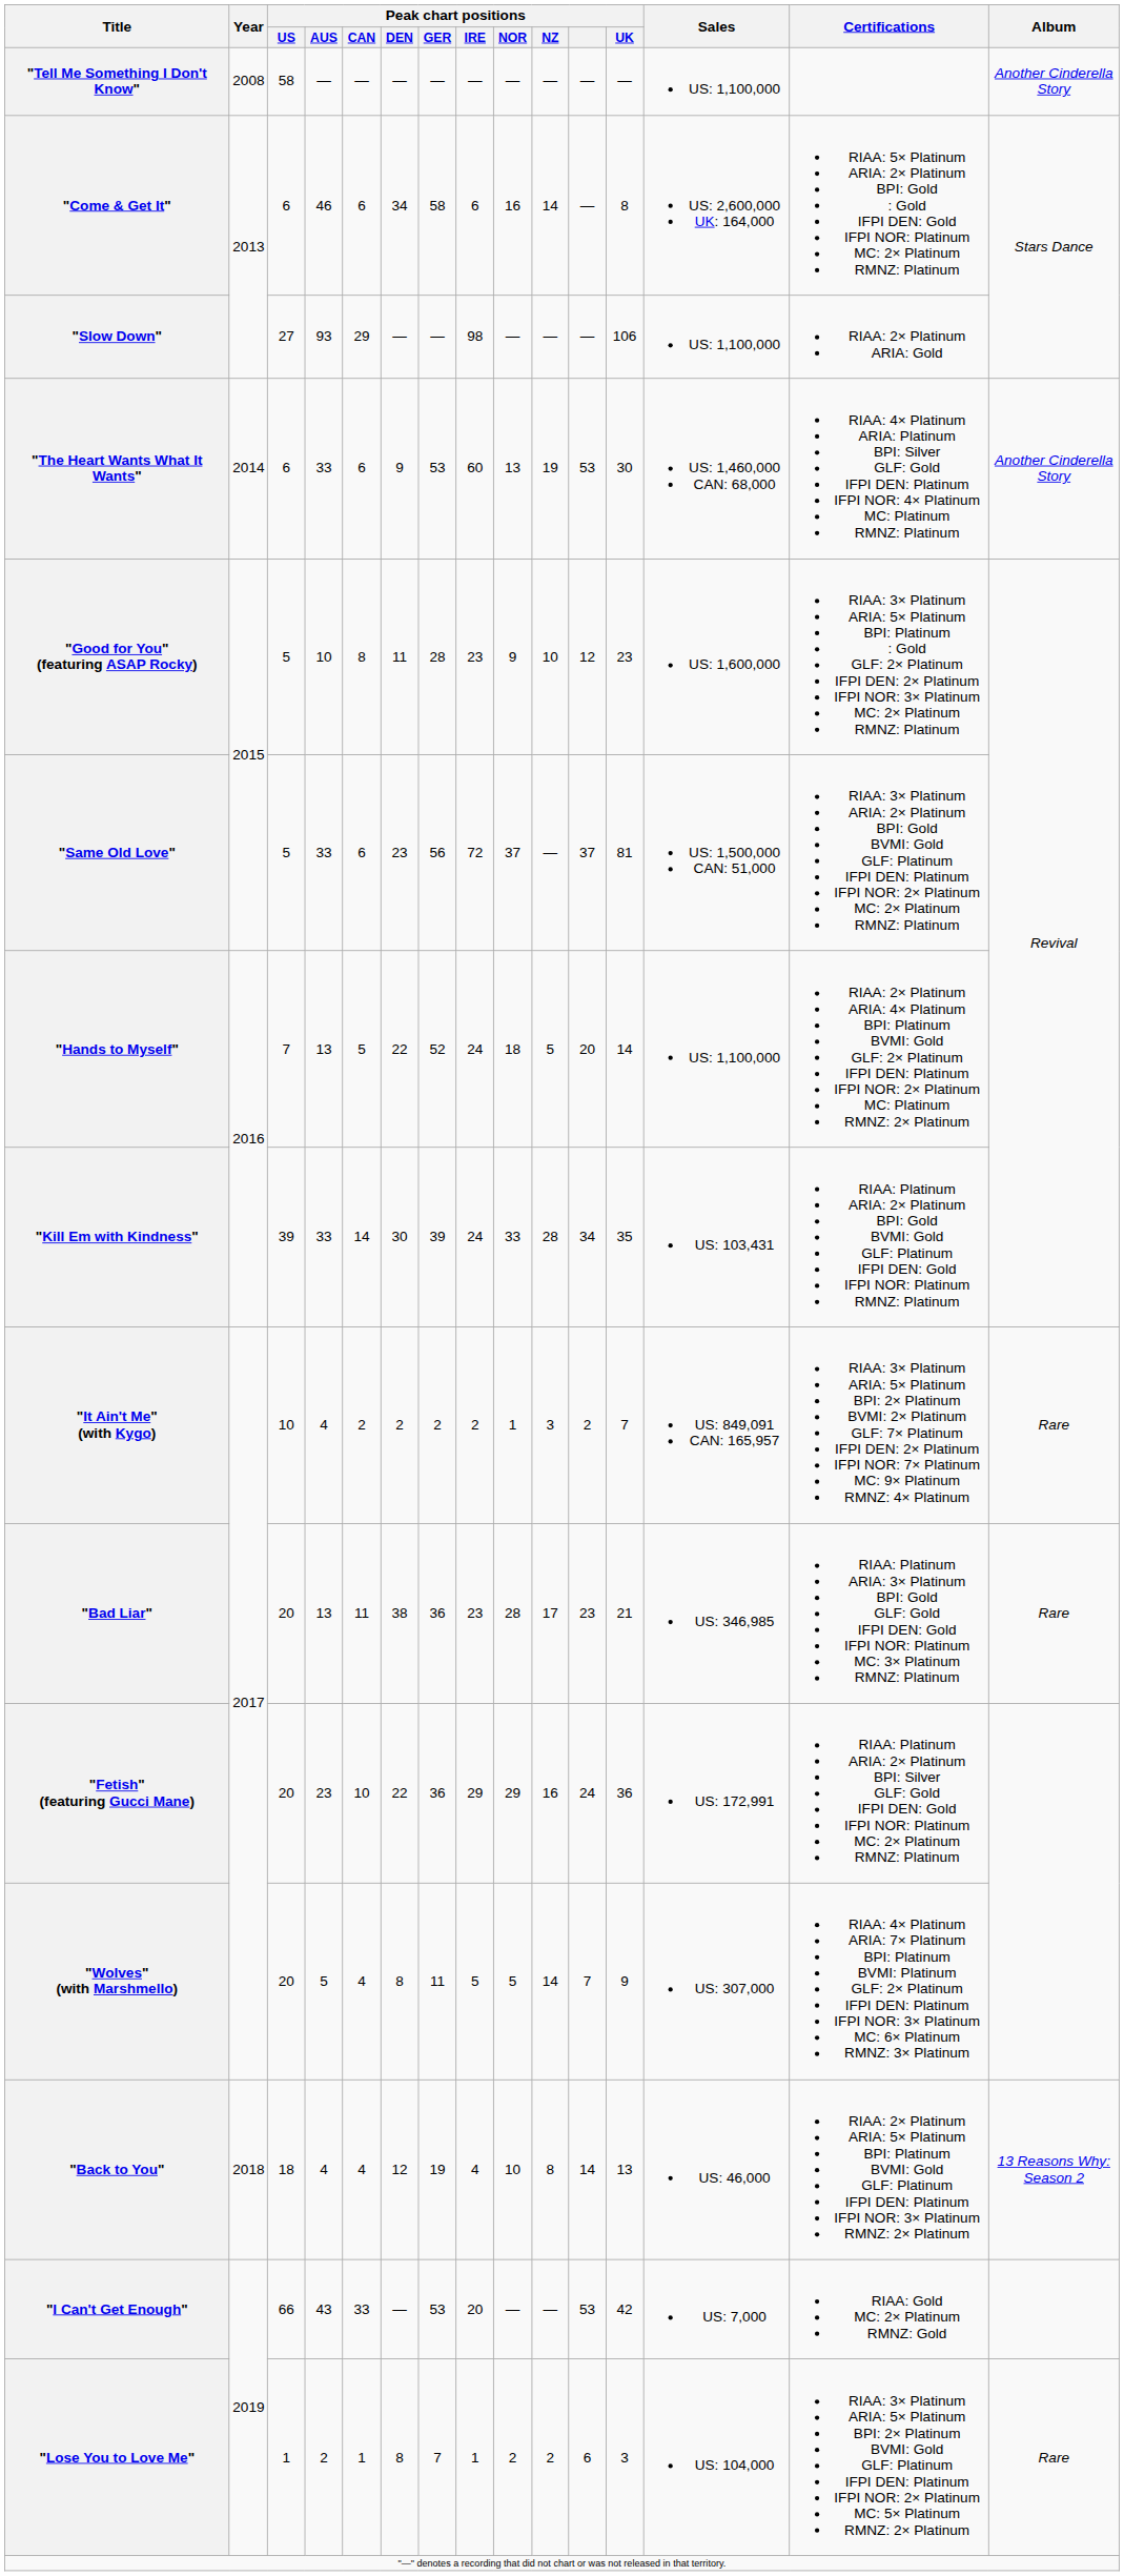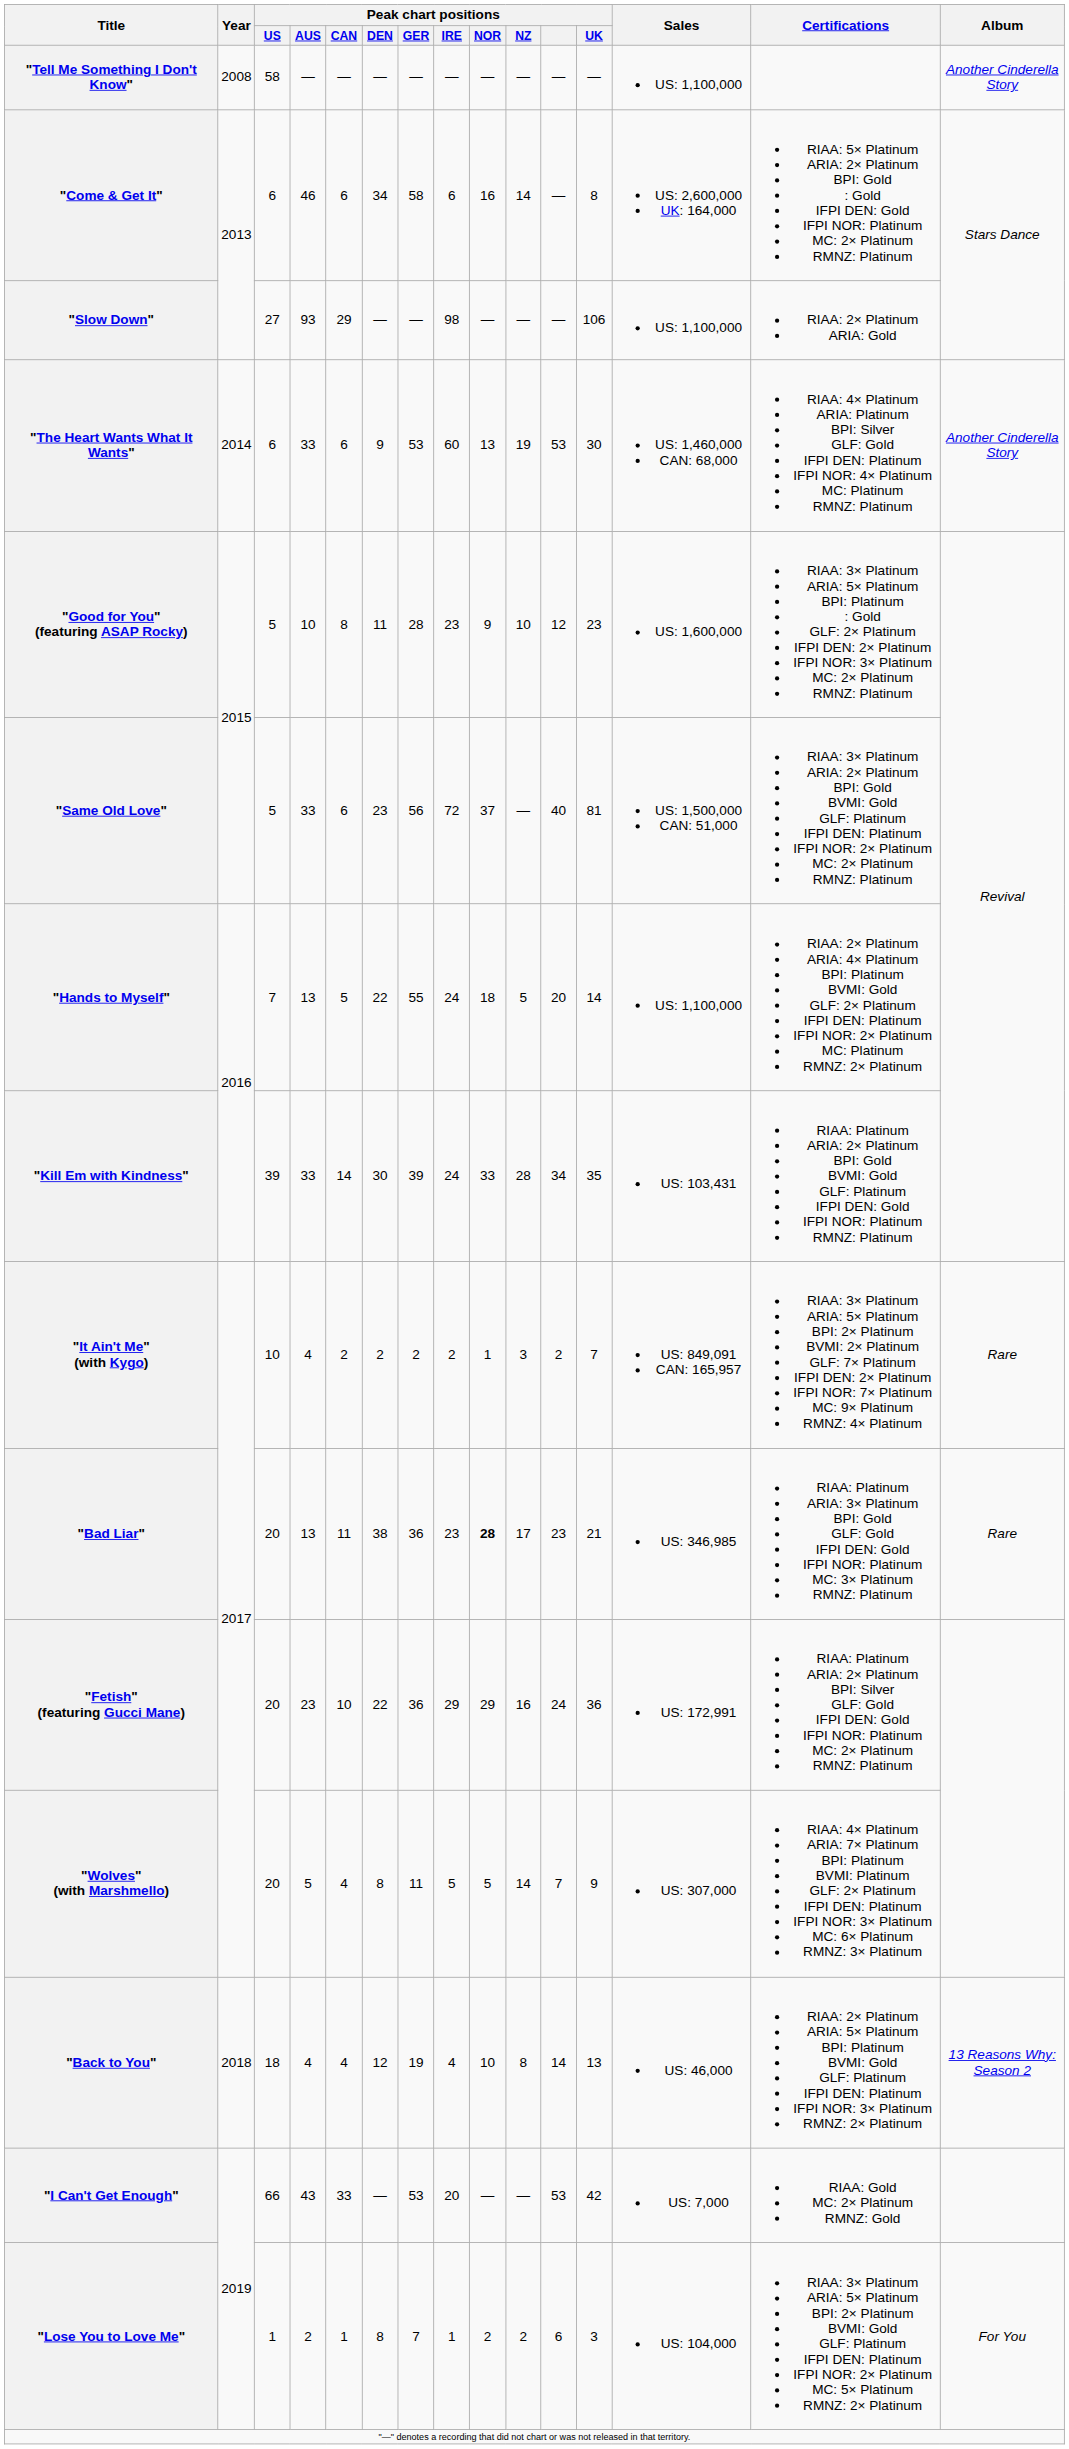 <table class="wikitable plainrowheaders" style="text-align:center;">
 <tr>
 <th scope="col" rowspan="2" style="width:16em;">Title</th>
 <th scope="col" rowspan="2" style="width:1em;">Year</th>
 <th scope="col" colspan="10">Peak chart positions</th>
 <th scope="col" rowspan="2" style="width:10em;">Sales</th>
 <th scope="col" rowspan="2" style="width:14em;"><a href='#'>Certifications</a></th>
 <th scope="col" rowspan="2" style="width:9em;">Album</th>
 </tr>
 <tr>
 <th scope="col" style="width:2.5em;font-size:90%;"><a href='#'>US</a><br></th>
 <th scope="col" style="width:2.5em;font-size:90%;"><a href='#'>AUS</a><br></th>
 <th scope="col" style="width:2.5em;font-size:90%;"><a href='#'>CAN</a><br></th>
 <th scope="col" style="width:2.5em;font-size:90%;"><a href='#'>DEN</a><br></th>
 <th scope="col" style="width:2.5em;font-size:90%;"><a href='#'>GER</a> <br></th>
 <th scope="col" style="width:2.5em;font-size:90%;"><a href='#'>IRE</a><br></th>
 <th scope="col" style="width:2.5em;font-size:90%;"><a href='#'>NOR</a><br></th>
 <th scope="col" style="width:2.5em;font-size:90%;"><a href='#'>NZ</a><br></th>
 <th scope="col" style="width:2.5em;font-size:90%;"><a href='#'></a><br></th>
 <th scope="col" style="width:2.5em;font-size:90%;"><a href='#'>UK</a><br></th>
 </tr>
 <tr>
 <th scope="row">"<a href='#'>Tell Me Something I Don't Know</a>"</th>
 <td>2008</td>
 <td>58</td>
 <td>—</td>
 <td>—</td>
 <td>—</td>
 <td>—</td>
 <td>—</td>
 <td>—</td>
 <td>—</td>
 <td>—</td>
 <td>—</td>
 <td><br><ul><li>US: 1,100,000</li></ul></td>
 <td></td>
 <td><em><a href='#'>Another Cinderella Story</a></em></td>
 </tr>
 <tr>
 <th scope="row">"<a href='#'>Come & Get It</a>"</th>
 <td rowspan="2">2013</td>
 <td>6</td>
 <td>46</td>
 <td>6</td>
 <td>34</td>
 <td>58</td>
 <td>6</td>
 <td>16</td>
 <td>14</td>
 <td>—</td>
 <td>8</td>
 <td><br><ul><li>US: 2,600,000</li><li><a href='#'>UK</a>: 164,000</li></ul></td>
 <td><br><ul><li>RIAA: 5× Platinum</li><li>ARIA: 2× Platinum</li><li>BPI: Gold</li><li><a href='#'></a>: Gold</li><li>IFPI DEN: Gold</li><li>IFPI NOR: Platinum</li><li>MC: 2× Platinum</li><li>RMNZ: Platinum</li></ul></td>
 <td rowspan="2"><em>Stars Dance</em></td>
 </tr>
 <tr>
 <th scope="row">"<a href='#'>Slow Down</a>"</th>
 <td>27</td>
 <td>93</td>
 <td>29</td>
 <td>—</td>
 <td>—</td>
 <td>98</td>
 <td>—</td>
 <td>—</td>
 <td>—</td>
 <td>106</td>
 <td><br><ul><li>US: 1,100,000</li></ul></td>
 <td><br><ul><li>RIAA: 2× Platinum</li><li>ARIA: Gold</li></ul></td>
 </tr>
 <tr>
 <th scope="row">"<a href='#'>The Heart Wants What It Wants</a>"</th>
 <td>2014</td>
 <td>6</td>
 <td>33</td>
 <td>6</td>
 <td>9</td>
 <td>53</td>
 <td>60</td>
 <td>13</td>
 <td>19</td>
 <td>53</td>
 <td>30</td>
 <td><br><ul><li>US: 1,460,000</li><li>CAN: 68,000</li></ul></td>
 <td><br><ul><li>RIAA: 4× Platinum</li><li>ARIA: Platinum</li><li>BPI: Silver</li><li>GLF: Gold</li><li>IFPI DEN: Platinum</li><li>IFPI NOR: 4× Platinum</li><li>MC: Platinum</li><li>RMNZ: Platinum</li></ul></td>
 <td><em><a href='#'>Another Cinderella Story</a></em></td>
 </tr>
 <tr>
 <th scope="row">"<a href='#'>Good for You</a>"<br><span>(featuring <a href='#'>ASAP Rocky</a>)</span></th>
 <td rowspan="2">2015</td>
 <td>5</td>
 <td>10</td>
 <td>8</td>
 <td>11</td>
 <td>28</td>
 <td>23</td>
 <td>9</td>
 <td>10</td>
 <td>12</td>
 <td>23</td>
 <td><br><ul><li>US: 1,600,000</li></ul></td>
 <td><br><ul><li>RIAA: 3× Platinum</li><li>ARIA: 5× Platinum</li><li>BPI: Platinum</li><li><a href='#'></a>: Gold</li><li>GLF: 2× Platinum</li><li>IFPI DEN: 2× Platinum</li><li>IFPI NOR: 3× Platinum</li><li>MC: 2× Platinum</li><li>RMNZ: Platinum</li></ul></td>
 <td rowspan="4"><em>Revival</em></td>
 </tr>
 <tr>
 <th scope="row">"<a href='#'>Same Old Love</a>"</th>
 <td>5</td>
 <td>33</td>
 <td>6</td>
 <td>23</td>
 <td>56</td>
 <td>72</td>
 <td>37</td>
 <td>—</td>
-<td>37</td>
+<td>40</td>
 <td>81</td>
 <td><br><ul><li>US: 1,500,000</li><li>CAN: 51,000</li></ul></td>
 <td><br><ul><li>RIAA: 3× Platinum</li><li>ARIA: 2× Platinum</li><li>BPI: Gold</li><li>BVMI: Gold</li><li>GLF: Platinum</li><li>IFPI DEN: Platinum</li><li>IFPI NOR: 2× Platinum</li><li>MC: 2× Platinum</li><li>RMNZ: Platinum</li></ul></td>
 </tr>
 <tr>
 <th scope="row">"<a href='#'>Hands to Myself</a>"</th>
 <td rowspan="2">2016</td>
 <td>7</td>
 <td>13</td>
 <td>5</td>
 <td>22</td>
-<td>52</td>
+<td>55</td>
 <td>24</td>
 <td>18</td>
 <td>5</td>
 <td>20</td>
 <td>14</td>
 <td><br><ul><li>US: 1,100,000</li></ul></td>
 <td><br><ul><li>RIAA: 2× Platinum</li><li>ARIA: 4× Platinum</li><li>BPI: Platinum</li><li>BVMI: Gold</li><li>GLF: 2× Platinum</li><li>IFPI DEN: Platinum</li><li>IFPI NOR: 2× Platinum</li><li>MC: Platinum</li><li>RMNZ: 2× Platinum</li></ul></td>
 </tr>
 <tr>
 <th scope="row">"<a href='#'>Kill Em with Kindness</a>"</th>
 <td>39</td>
 <td>33</td>
 <td>14</td>
 <td>30</td>
 <td>39</td>
 <td>24</td>
 <td>33</td>
 <td>28</td>
 <td>34</td>
 <td>35</td>
 <td><br><ul><li>US: 103,431</li></ul></td>
 <td><br><ul><li>RIAA: Platinum</li><li>ARIA: 2× Platinum</li><li>BPI: Gold</li><li>BVMI: Gold</li><li>GLF: Platinum</li><li>IFPI DEN: Gold</li><li>IFPI NOR: Platinum</li><li>RMNZ: Platinum</li></ul></td>
 </tr>
 <tr>
 <th scope="row">"<a href='#'>It Ain't Me</a>"<br><span>(with <a href='#'>Kygo</a>)</span></th>
 <td rowspan="4">2017</td>
 <td>10</td>
 <td>4</td>
 <td>2</td>
 <td>2</td>
 <td>2</td>
 <td>2</td>
 <td>1</td>
 <td>3</td>
 <td>2</td>
 <td>7</td>
 <td><br><ul><li>US: 849,091</li><li>CAN: 165,957</li></ul></td>
 <td><br><ul><li>RIAA: 3× Platinum</li><li>ARIA: 5× Platinum</li><li>BPI: 2× Platinum</li><li>BVMI: 2× Platinum</li><li>GLF: 7× Platinum</li><li>IFPI DEN: 2× Platinum</li><li>IFPI NOR: 7× Platinum</li><li>MC: 9× Platinum</li><li>RMNZ: 4× Platinum</li></ul></td>
 <td><em>Rare</em></td>
 </tr>
 <tr>
 <th scope="row">"<a href='#'>Bad Liar</a>"</th>
 <td>20</td>
 <td>13</td>
 <td>11</td>
 <td>38</td>
 <td>36</td>
 <td>23</td>
-<td>28</td>
+<td><strong>28</strong></td>
 <td>17</td>
 <td>23</td>
 <td>21</td>
 <td><br><ul><li>US: 346,985</li></ul></td>
 <td><br><ul><li>RIAA: Platinum</li><li>ARIA: 3× Platinum</li><li>BPI: Gold</li><li>GLF: Gold</li><li>IFPI DEN: Gold</li><li>IFPI NOR: Platinum</li><li>MC: 3× Platinum</li><li>RMNZ: Platinum</li></ul></td>
 <td><em>Rare</em></td>
 </tr>
 <tr>
 <th scope="row">"<a href='#'>Fetish</a>"<br><span>(featuring <a href='#'>Gucci Mane</a>)</span></th>
 <td>20</td>
 <td>23</td>
 <td>10</td>
 <td>22</td>
 <td>36</td>
 <td>29</td>
 <td>29</td>
 <td>16</td>
 <td>24</td>
 <td>36</td>
 <td><br><ul><li>US: 172,991</li></ul></td>
 <td><br><ul><li>RIAA: Platinum</li><li>ARIA: 2× Platinum</li><li>BPI: Silver</li><li>GLF: Gold</li><li>IFPI DEN: Gold</li><li>IFPI NOR: Platinum</li><li>MC: 2× Platinum</li><li>RMNZ: Platinum</li></ul></td>
 </tr>
 <tr>
 <th scope="row">"<a href='#'>Wolves</a>"<br><span>(with <a href='#'>Marshmello</a>)</span></th>
 <td>20</td>
 <td>5</td>
 <td>4</td>
 <td>8</td>
 <td>11</td>
 <td>5</td>
 <td>5</td>
 <td>14</td>
 <td>7</td>
 <td>9</td>
 <td><br><ul><li>US: 307,000</li></ul></td>
 <td><br><ul><li>RIAA: 4× Platinum</li><li>ARIA: 7× Platinum</li><li>BPI: Platinum</li><li>BVMI: Platinum</li><li>GLF: 2× Platinum</li><li>IFPI DEN: Platinum</li><li>IFPI NOR: 3× Platinum</li><li>MC: 6× Platinum</li><li>RMNZ: 3× Platinum</li></ul></td>
 </tr>
 <tr>
 <th scope="row">"<a href='#'>Back to You</a>"</th>
 <td>2018</td>
 <td>18</td>
 <td>4</td>
 <td>4</td>
 <td>12</td>
 <td>19</td>
 <td>4</td>
 <td>10</td>
 <td>8</td>
 <td>14</td>
 <td>13</td>
 <td><br><ul><li>US: 46,000</li></ul></td>
 <td><br><ul><li>RIAA: 2× Platinum</li><li>ARIA: 5× Platinum</li><li>BPI: Platinum</li><li>BVMI: Gold</li><li>GLF: Platinum</li><li>IFPI DEN: Platinum</li><li>IFPI NOR: 3× Platinum</li><li>RMNZ: 2× Platinum</li></ul></td>
 <td><em><a href='#'>13 Reasons Why: Season 2</a></em></td>
 </tr>
 <tr>
 <th scope="row">"<a href='#'>I Can't Get Enough</a>" <br></th>
 <td rowspan="2">2019</td>
 <td>66</td>
 <td>43</td>
 <td>33</td>
 <td>—</td>
 <td>53</td>
 <td>20</td>
 <td>—</td>
 <td>—</td>
 <td>53</td>
 <td>42</td>
 <td><br><ul><li>US: 7,000</li></ul></td>
 <td><br><ul><li>RIAA: Gold</li><li>MC: 2× Platinum</li><li>RMNZ: Gold</li></ul></td>
 <td></td>
 </tr>
 <tr>
 <th scope="row">"<a href='#'>Lose You to Love Me</a>"</th>
 <td>1</td>
 <td>2</td>
 <td>1</td>
 <td>8</td>
 <td>7</td>
 <td>1</td>
 <td>2</td>
 <td>2</td>
 <td>6</td>
 <td>3</td>
 <td><br><ul><li>US: 104,000</li></ul></td>
 <td><br><ul><li>RIAA: 3× Platinum</li><li>ARIA: 5× Platinum</li><li>BPI: 2× Platinum</li><li>BVMI: Gold</li><li>GLF: Platinum</li><li>IFPI DEN: Platinum</li><li>IFPI NOR: 2× Platinum</li><li>MC: 5× Platinum</li><li>RMNZ: 2× Platinum</li></ul></td>
-<td><em>Rare</em></td>
+<td><em>For You</em></td>
 </tr>
 <tr>
 <td colspan="15" style="font-size:8pt;">"—" denotes a recording that did not chart or was not released in that territory.</td>
 </tr>
 </table>
